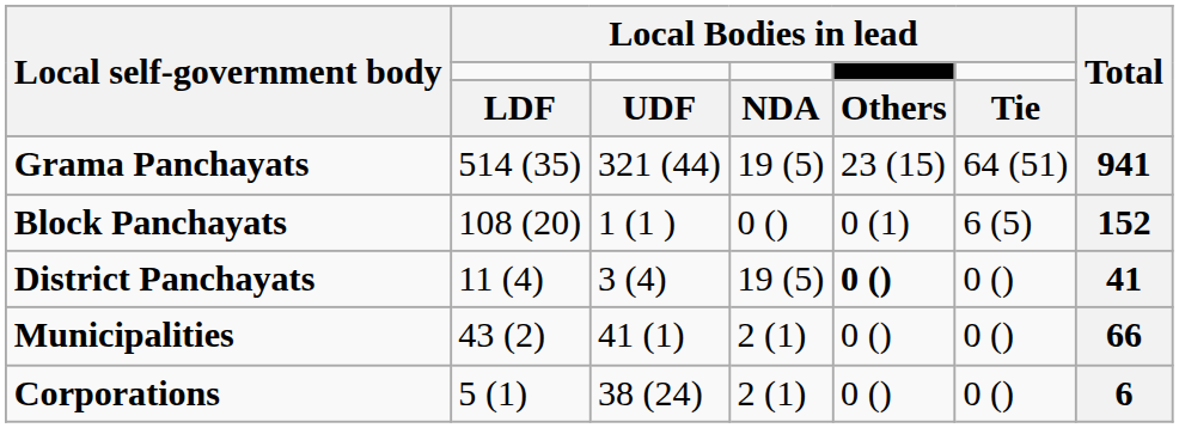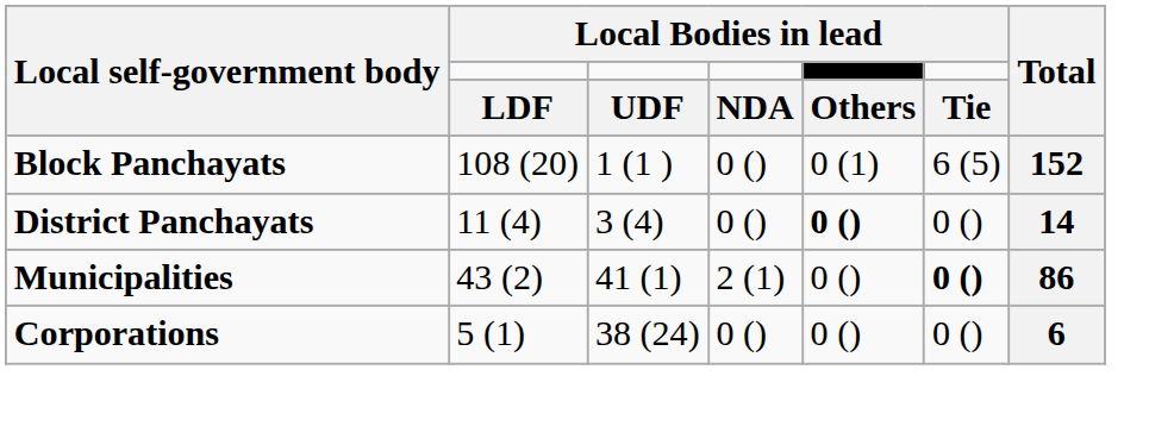 <table class="wikitable">
 <tr>
 <th rowspan="3">Local self-government body</th>
 <th colspan="5">Local Bodies in lead</th>
 <th rowspan="3">Total</th>
 </tr>
 <tr>
 <td style="background:"></td>
 <td style="background:"></td>
 <td style="background:"></td>
 <td style="background:black"></td>
 <td></td>
 </tr>
 <tr>
 <th>LDF</th>
 <th>UDF</th>
 <th>NDA</th>
 <th>Others</th>
 <th>Tie</th>
 </tr>
 <tr>
-<td><strong>Grama Panchayats</strong></td>
-<td>514 (35)</td>
-<td>321 (44)</td>
-<td>19 (5)</td>
-<td>23 (15)</td>
-<td>64 (51)</td>
-<th>941</th>
-</tr>
-<tr>
 <td><strong>Block Panchayats</strong></td>
 <td>108 (20)</td>
 <td>1 (1 )</td>
 <td>0 ()</td>
 <td>0 (1)</td>
 <td>6 (5)</td>
 <th>152</th>
 </tr>
 <tr>
 <td><strong>District Panchayats</strong></td>
 <td>11 (4)</td>
 <td>3 (4)</td>
-<td>19 (5)</td>
+<td>0 ()</td>
 <td><strong>0 ()</strong></td>
 <td>0 ()</td>
-<th>41</th>
+<th>14</th>
 </tr>
 <tr>
 <td><strong>Municipalities</strong></td>
 <td>43 (2)</td>
 <td>41 (1)</td>
 <td>2 (1)</td>
 <td>0 ()</td>
-<td>0 ()</td>
-<th>66</th>
+<td><strong>0 ()</strong></td>
+<th>86</th>
 </tr>
 <tr>
 <td><strong>Corporations</strong></td>
 <td>5 (1)</td>
 <td>38 (24)</td>
-<td>2 (1)</td>
+<td>0 ()</td>
 <td>0 ()</td>
 <td>0 ()</td>
 <th>6</th>
 </tr>
 </table>
